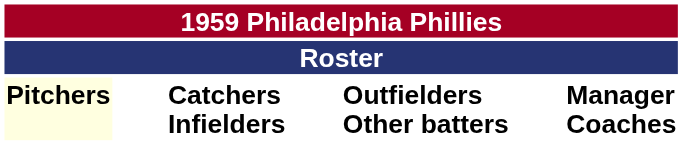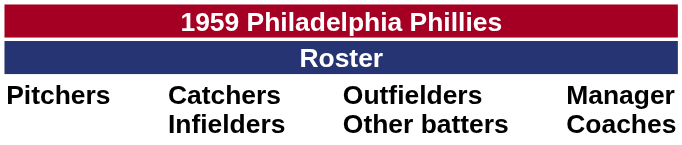 <table class="toccolours" style="font-size: 95%;">
 <tr>
 <th colspan="10" style="background-color: #A50024; color: #FFFFFF; text-align: center;">1959 Philadelphia Phillies</th>
 </tr>
 <tr>
 <td colspan="10" style="background-color: #263473; color: white; text-align: center;"><strong>Roster</strong></td>
 </tr>
 <tr>
-<td valign="top" style="background: lightyellow;"><strong>Pitchers</strong><br>                </td>
+<td valign="top"><strong>Pitchers</strong><br>                </td>
 <td width="25px"></td>
 <td valign="top"><strong>Catchers</strong><br>    <strong>Infielders</strong>        </td>
 <td width="25px"></td>
 <td valign="top"><strong>Outfielders</strong><br>       <strong>Other batters</strong> </td>
 <td width="25px"></td>
 <td valign="top"><strong>Manager</strong><br> <strong>Coaches</strong>     </td>
 </tr>
 </table>
